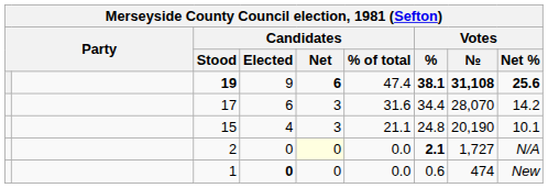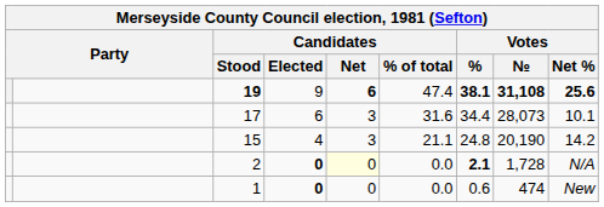 <table class="wikitable" style="font-size:95%">
 <tr>
 <th colspan="16" style="background-color:#f2f2f2">Merseyside County Council election, 1981 (<a href='#'>Sefton</a>)</th>
 </tr>
 <tr style="vertical-align:center;">
 <th colspan="2" rowspan="2">Party</th>
 <th colspan="4" style="width: 30px">Candidates</th>
 <th colspan="3" style="width: 30px">Votes</th>
 </tr>
 <tr>
 <th>Stood</th>
 <th>Elected</th>
 <th style="width: 45px">Net</th>
 <th>% of total</th>
 <th>%</th>
 <th>№</th>
 <th>Net %</th>
 </tr>
 <tr>
 <th style="background-color: "></th>
 <td style="width: 190px"><a href='#'></a></td>
 <td style="text-align:right; "><strong>19</strong></td>
 <td style="text-align:right; ">9</td>
 <td style="text-align:right; "><strong><span>6</span></strong></td>
 <td style="text-align:right; ">47.4</td>
 <td style="text-align:right; "><strong>38.1</strong></td>
 <td style="text-align:right; "><strong>31,108</strong></td>
 <td style="text-align:right; "><span><strong>25.6</strong></span></td>
 </tr>
 <tr>
 <td style="background-color: "></td>
 <td style="width: 190px"><a href='#'></a></td>
 <td style="text-align:right; ">17</td>
 <td style="text-align:right; ">6</td>
 <td style="text-align:right; "><span>3</span></td>
 <td style="text-align:right; ">31.6</td>
 <td style="text-align:right; ">34.4</td>
-<td style="text-align:right; ">28,070</td>
-<td style="text-align:right; "><span>14.2</span></td>
+<td style="text-align:right; ">28,073</td>
+<td style="text-align:right; "><span>10.1</span></td>
 </tr>
 <tr>
 <td style="background-color: "></td>
 <td style="width: 190px"><a href='#'></a></td>
 <td style="text-align:right; ">15</td>
 <td style="text-align:right; ">4</td>
 <td style="text-align:right; "><span>3</span></td>
 <td style="text-align:right; ">21.1</td>
 <td style="text-align:right; ">24.8</td>
 <td style="text-align:right; ">20,190</td>
-<td style="text-align:right; "><span>10.1</span></td>
+<td style="text-align:right; "><span>14.2</span></td>
 </tr>
 <tr>
 <td style="background-color: "></td>
 <td style="width: 190px"><a href='#'></a></td>
 <td style="text-align:right; ">2</td>
-<td style="text-align:right; ">0</td>
+<td style="text-align:right; "><strong>0</strong></td>
 <td style="background: lightyellow; text-align:right; ">0</td>
 <td style="text-align:right; ">0.0</td>
 <td style="text-align:right; "><strong>2.1</strong></td>
-<td style="text-align:right; ">1,727</td>
+<td style="text-align:right; ">1,728</td>
 <td style="text-align:right; "><em>N/A</em></td>
 </tr>
 <tr>
 <td style="background-color: "></td>
 <td style="width: 190px"><a href='#'></a></td>
 <td style="text-align:right; ">1</td>
 <td style="text-align:right; "><strong>0</strong></td>
 <td style="text-align:right; ">0</td>
 <td style="text-align:right; ">0.0</td>
 <td style="text-align:right; ">0.6</td>
 <td style="text-align:right; ">474</td>
 <td style="text-align:right; "><em>New</em></td>
 </tr>
 </table>
